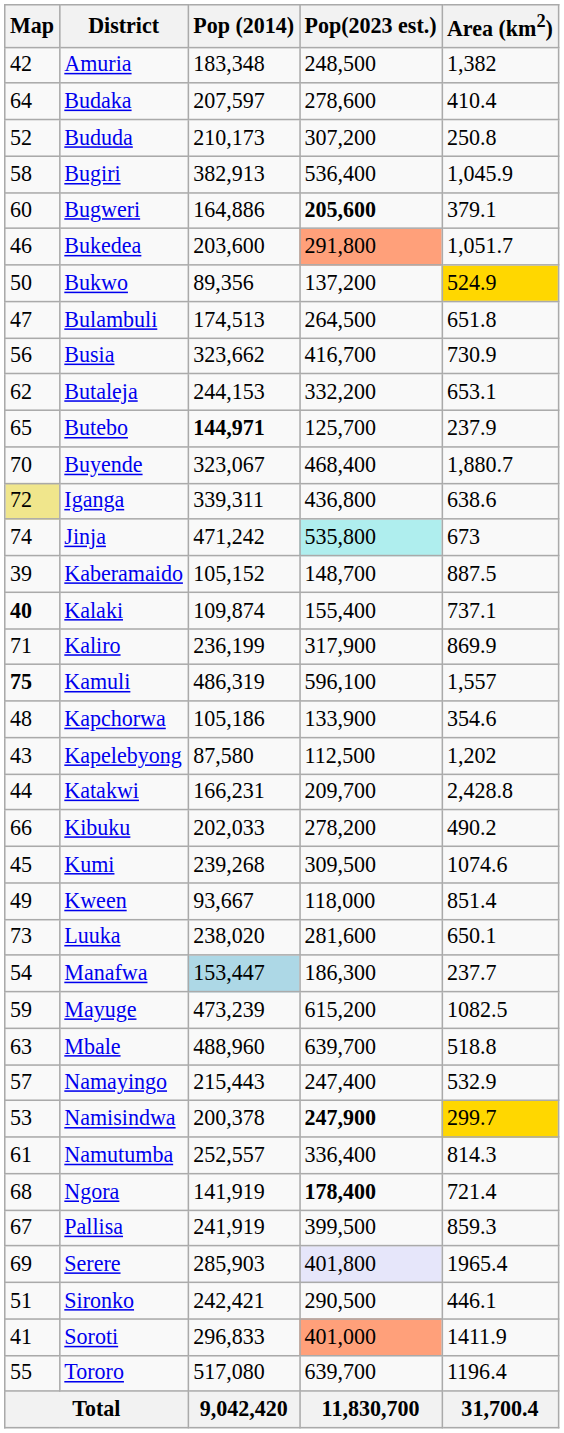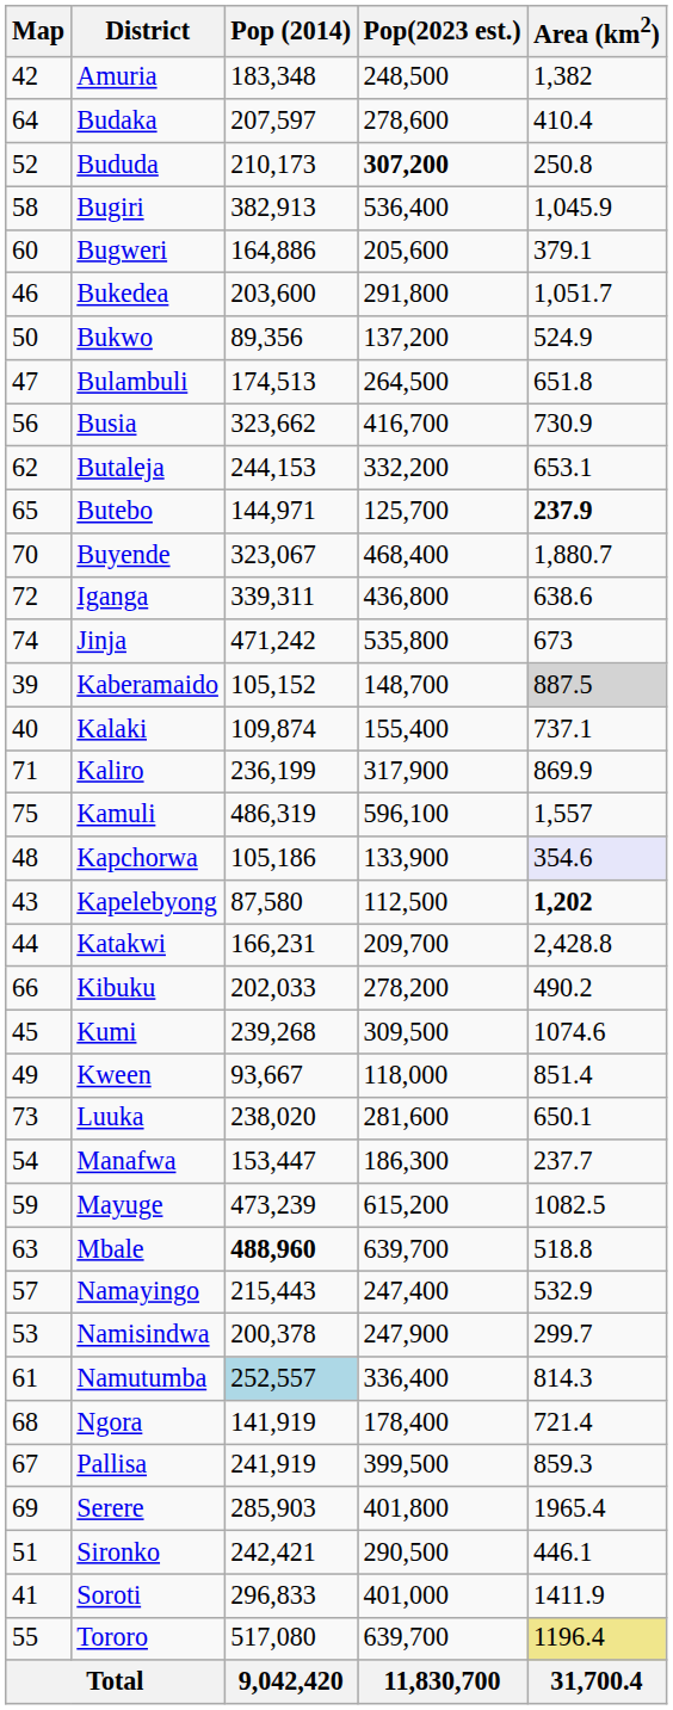 <table class="wikitable sortable" style="font-size:90%;">
 <tr>
 <th>Map</th>
 <th>District</th>
 <th>Pop (2014)</th>
 <th>Pop(2023 est.)</th>
 <th>Area (km<sup>2</sup>)</th>
 </tr>
 <tr>
 <td>42</td>
 <td><a href='#'>Amuria</a></td>
 <td>183,348</td>
 <td>248,500</td>
 <td>1,382</td>
 </tr>
 <tr>
 <td>64</td>
 <td><a href='#'>Budaka</a></td>
 <td>207,597</td>
 <td>278,600</td>
 <td>410.4</td>
 </tr>
 <tr>
 <td>52</td>
 <td><a href='#'>Bududa</a></td>
 <td>210,173</td>
-<td>307,200</td>
+<td><strong>307,200</strong></td>
 <td>250.8</td>
 </tr>
 <tr>
 <td>58</td>
 <td><a href='#'>Bugiri</a></td>
 <td>382,913</td>
 <td>536,400</td>
 <td>1,045.9</td>
 </tr>
 <tr>
 <td>60</td>
 <td><a href='#'>Bugweri</a></td>
 <td>164,886</td>
-<td><strong>205,600</strong></td>
+<td>205,600</td>
 <td>379.1</td>
 </tr>
 <tr>
 <td>46</td>
 <td><a href='#'>Bukedea</a></td>
 <td>203,600</td>
-<td style="background: lightsalmon;">291,800</td>
+<td>291,800</td>
 <td>1,051.7</td>
 </tr>
 <tr>
 <td>50</td>
 <td><a href='#'>Bukwo</a></td>
 <td>89,356</td>
 <td>137,200</td>
-<td style="background: gold;">524.9</td>
+<td>524.9</td>
 </tr>
 <tr>
 <td>47</td>
 <td><a href='#'>Bulambuli</a></td>
 <td>174,513</td>
 <td>264,500</td>
 <td>651.8</td>
 </tr>
 <tr>
 <td>56</td>
 <td><a href='#'>Busia</a></td>
 <td>323,662</td>
 <td>416,700</td>
 <td>730.9</td>
 </tr>
 <tr>
 <td>62</td>
 <td><a href='#'>Butaleja</a></td>
 <td>244,153</td>
 <td>332,200</td>
 <td>653.1</td>
 </tr>
 <tr>
 <td>65</td>
 <td><a href='#'>Butebo</a></td>
-<td><strong>144,971</strong></td>
+<td>144,971</td>
 <td>125,700</td>
-<td>237.9</td>
+<td><strong>237.9</strong></td>
 </tr>
 <tr>
 <td>70</td>
 <td><a href='#'>Buyende</a></td>
 <td>323,067</td>
 <td>468,400</td>
 <td>1,880.7</td>
 </tr>
 <tr>
-<td style="background: khaki;">72</td>
+<td>72</td>
 <td><a href='#'>Iganga</a></td>
 <td>339,311</td>
 <td>436,800</td>
 <td>638.6</td>
 </tr>
 <tr>
 <td>74</td>
 <td><a href='#'>Jinja</a></td>
 <td>471,242</td>
-<td style="background: paleturquoise;">535,800</td>
+<td>535,800</td>
 <td>673</td>
 </tr>
 <tr>
 <td>39</td>
 <td><a href='#'>Kaberamaido</a></td>
 <td>105,152</td>
 <td>148,700</td>
-<td>887.5</td>
+<td style="background: lightgrey;">887.5</td>
 </tr>
 <tr>
-<td><strong>40</strong></td>
+<td>40</td>
 <td><a href='#'>Kalaki</a></td>
 <td>109,874</td>
 <td>155,400</td>
 <td>737.1</td>
 </tr>
 <tr>
 <td>71</td>
 <td><a href='#'>Kaliro</a></td>
 <td>236,199</td>
 <td>317,900</td>
 <td>869.9</td>
 </tr>
 <tr>
-<td><strong>75</strong></td>
+<td>75</td>
 <td><a href='#'>Kamuli</a></td>
 <td>486,319</td>
 <td>596,100</td>
 <td>1,557</td>
 </tr>
 <tr>
 <td>48</td>
 <td><a href='#'>Kapchorwa</a></td>
 <td>105,186</td>
 <td>133,900</td>
-<td>354.6</td>
+<td style="background: lavender;">354.6</td>
 </tr>
 <tr>
 <td>43</td>
 <td><a href='#'>Kapelebyong</a></td>
 <td>87,580</td>
 <td>112,500</td>
-<td>1,202</td>
+<td><strong>1,202</strong></td>
 </tr>
 <tr>
 <td>44</td>
 <td><a href='#'>Katakwi</a></td>
 <td>166,231</td>
 <td>209,700</td>
 <td>2,428.8</td>
 </tr>
 <tr>
 <td>66</td>
 <td><a href='#'>Kibuku</a></td>
 <td>202,033</td>
 <td>278,200</td>
 <td>490.2</td>
 </tr>
 <tr>
 <td>45</td>
 <td><a href='#'>Kumi</a></td>
 <td>239,268</td>
 <td>309,500</td>
 <td>1074.6</td>
 </tr>
 <tr>
 <td>49</td>
 <td><a href='#'>Kween</a></td>
 <td>93,667</td>
 <td>118,000</td>
 <td>851.4</td>
 </tr>
 <tr>
 <td>73</td>
 <td><a href='#'>Luuka</a></td>
 <td>238,020</td>
 <td>281,600</td>
 <td>650.1</td>
 </tr>
 <tr>
 <td>54</td>
 <td><a href='#'>Manafwa</a></td>
-<td style="background: lightblue;">153,447</td>
+<td>153,447</td>
 <td>186,300</td>
 <td>237.7</td>
 </tr>
 <tr>
 <td>59</td>
 <td><a href='#'>Mayuge</a></td>
 <td>473,239</td>
 <td>615,200</td>
 <td>1082.5</td>
 </tr>
 <tr>
 <td>63</td>
 <td><a href='#'>Mbale</a></td>
-<td>488,960</td>
+<td><strong>488,960</strong></td>
 <td>639,700</td>
 <td>518.8</td>
 </tr>
 <tr>
 <td>57</td>
 <td><a href='#'>Namayingo</a></td>
 <td>215,443</td>
 <td>247,400</td>
 <td>532.9</td>
 </tr>
 <tr>
 <td>53</td>
 <td><a href='#'>Namisindwa</a></td>
 <td>200,378</td>
-<td><strong>247,900</strong></td>
-<td style="background: gold;">299.7</td>
+<td>247,900</td>
+<td>299.7</td>
 </tr>
 <tr>
 <td>61</td>
 <td><a href='#'>Namutumba</a></td>
-<td>252,557</td>
+<td style="background: lightblue;">252,557</td>
 <td>336,400</td>
 <td>814.3</td>
 </tr>
 <tr>
 <td>68</td>
 <td><a href='#'>Ngora</a></td>
 <td>141,919</td>
-<td><strong>178,400</strong></td>
+<td>178,400</td>
 <td>721.4</td>
 </tr>
 <tr>
 <td>67</td>
 <td><a href='#'>Pallisa</a></td>
 <td>241,919</td>
 <td>399,500</td>
 <td>859.3</td>
 </tr>
 <tr>
 <td>69</td>
 <td><a href='#'>Serere</a></td>
 <td>285,903</td>
-<td style="background: lavender;">401,800</td>
+<td>401,800</td>
 <td>1965.4</td>
 </tr>
 <tr>
 <td>51</td>
 <td><a href='#'>Sironko</a></td>
 <td>242,421</td>
 <td>290,500</td>
 <td>446.1</td>
 </tr>
 <tr>
 <td>41</td>
 <td><a href='#'>Soroti</a></td>
 <td>296,833</td>
-<td style="background: lightsalmon;">401,000</td>
+<td>401,000</td>
 <td>1411.9</td>
 </tr>
 <tr>
 <td>55</td>
 <td><a href='#'>Tororo</a></td>
 <td>517,080</td>
 <td>639,700</td>
-<td>1196.4</td>
+<td style="background: khaki;">1196.4</td>
 </tr>
 <tr>
 <th colspan="2">Total</th>
 <th>9,042,420</th>
 <th>11,830,700</th>
 <th>31,700.4</th>
 </tr>
 </table>
